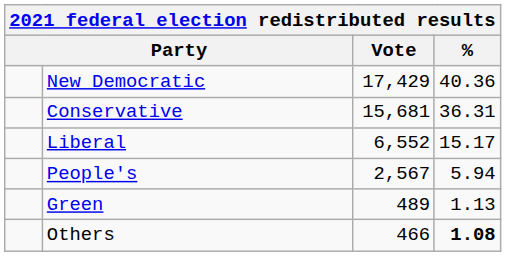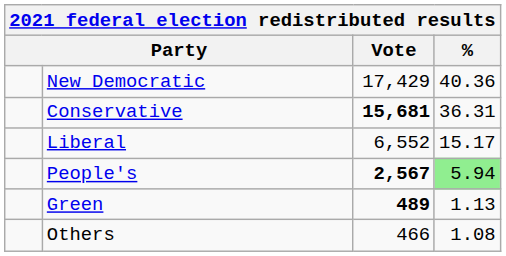 <table class="wikitable">
 <tr>
 <th colspan="4"><a href='#'>2021 federal election</a> redistributed results</th>
 </tr>
 <tr>
 <th bgcolor="#DDDDFF" width="130px" colspan="2">Party</th>
 <th bgcolor="#DDDDFF" width="50px">Vote</th>
 <th bgcolor="#DDDDFF" width="30px">%</th>
 </tr>
 <tr>
 <td> </td>
 <td><a href='#'>New Democratic</a></td>
 <td align=right>17,429</td>
 <td align=right>40.36</td>
 </tr>
 <tr>
 <td> </td>
 <td><a href='#'>Conservative</a></td>
-<td align=right>15,681</td>
+<td align=right><strong>15,681</strong></td>
 <td align=right>36.31</td>
 </tr>
 <tr>
 <td> </td>
 <td><a href='#'>Liberal</a></td>
 <td align=right>6,552</td>
 <td align=right>15.17</td>
 </tr>
 <tr>
 <td> </td>
 <td><a href='#'>People's</a></td>
-<td align=right>2,567</td>
-<td align=right>5.94</td>
+<td align=right><strong>2,567</strong></td>
+<td align=right style="background: lightgreen;">5.94</td>
 </tr>
 <tr>
 <td> </td>
 <td><a href='#'>Green</a></td>
-<td align=right>489</td>
+<td align=right><strong>489</strong></td>
 <td align=right>1.13</td>
 </tr>
 <tr>
 <td> </td>
 <td>Others</td>
 <td align=right>466</td>
-<td align=right><strong>1.08</strong></td>
+<td align=right>1.08</td>
 </tr>
 </table>
